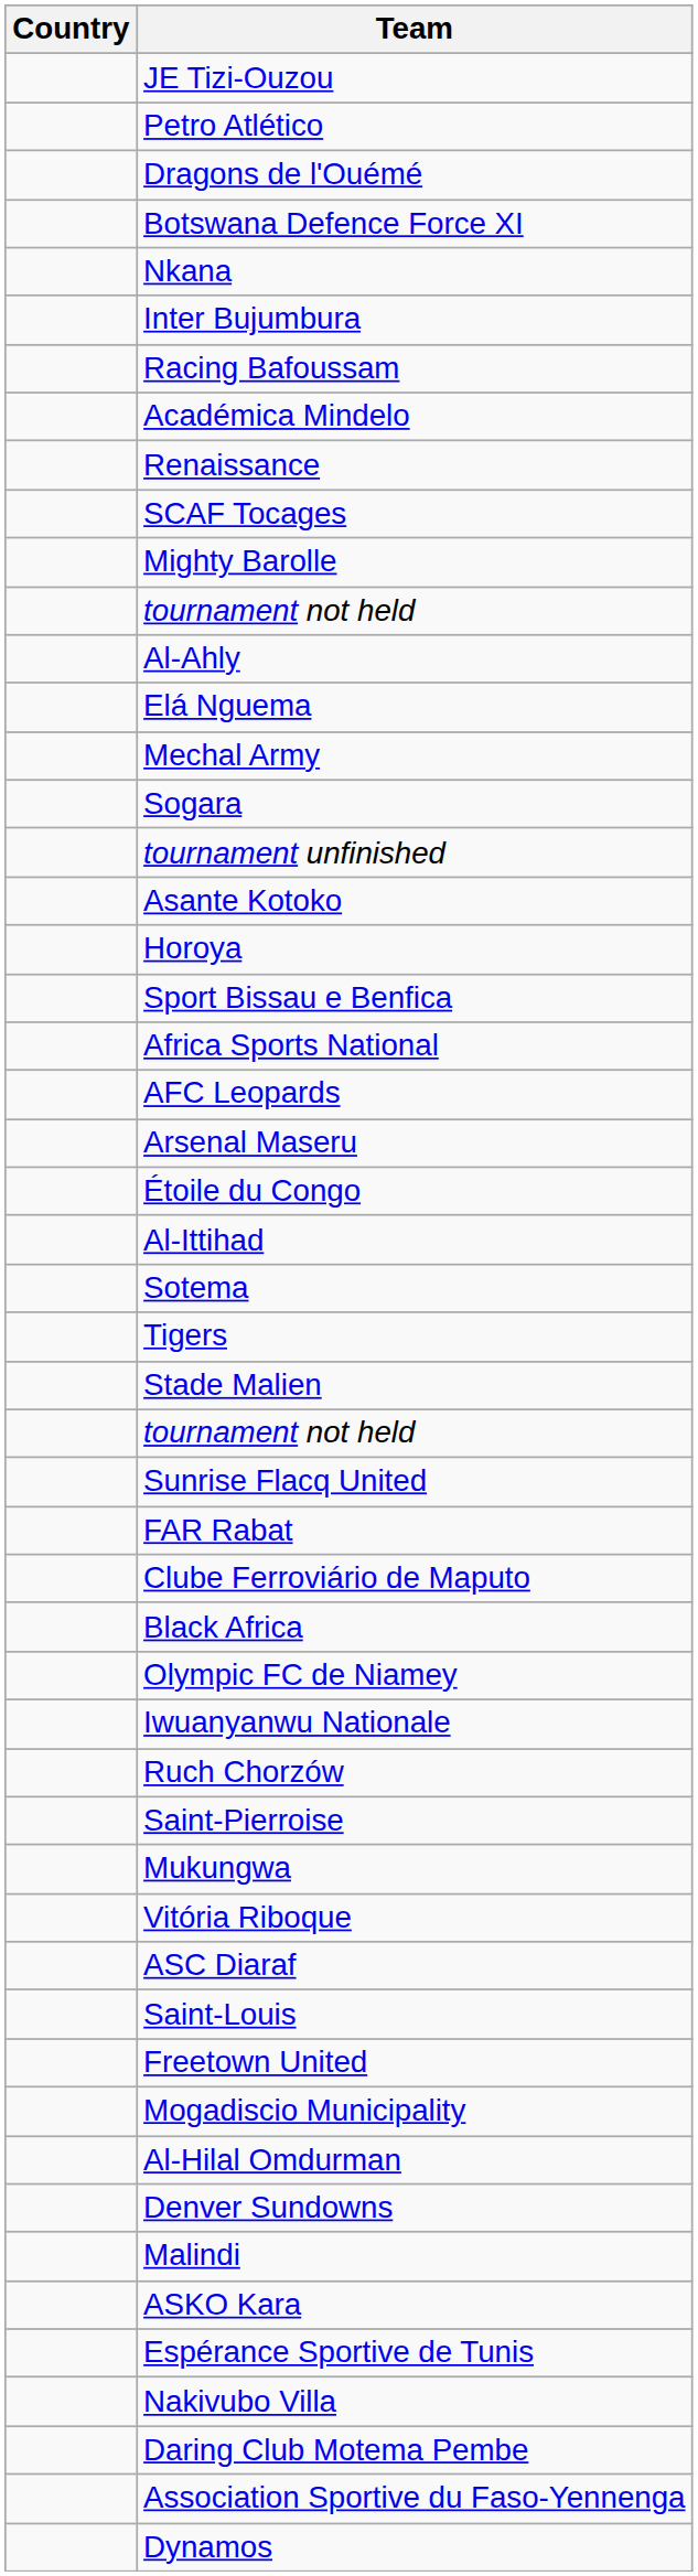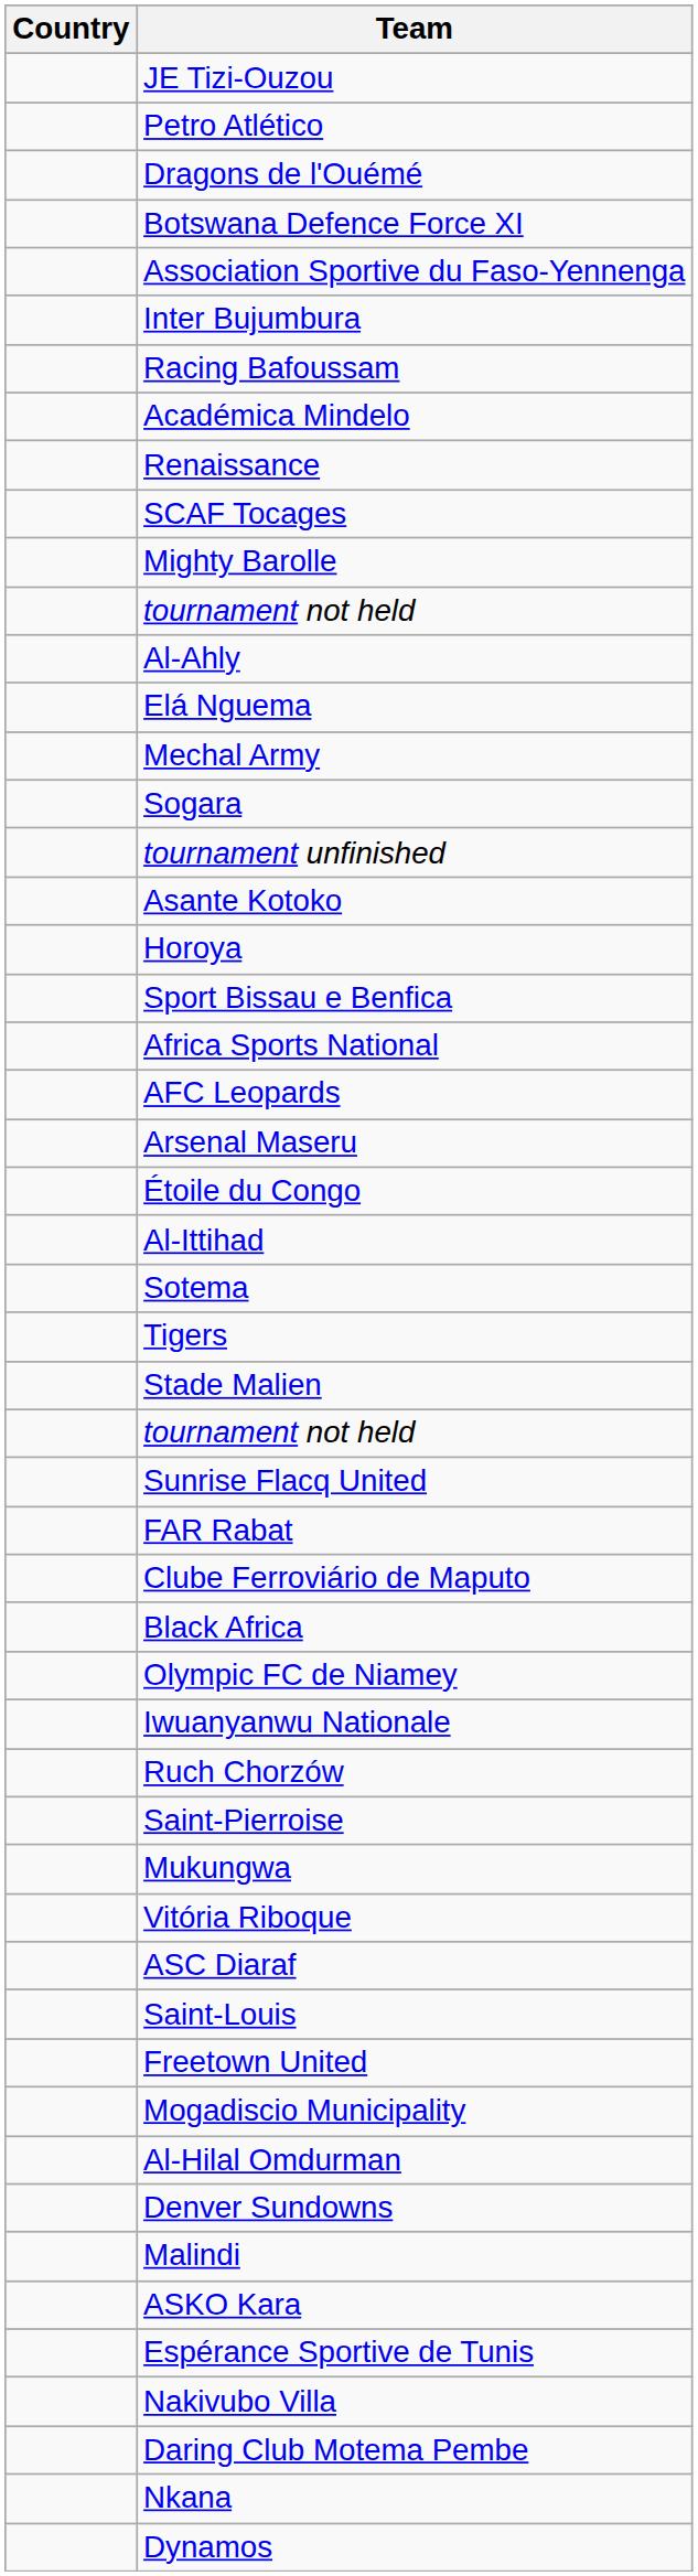 <table class="wikitable">
 <tr>
 <th>Country</th>
 <th>Team</th>
 </tr>
 <tr>
 <td></td>
 <td><a href='#'>JE Tizi-Ouzou</a></td>
 </tr>
 <tr>
 <td></td>
 <td><a href='#'>Petro Atlético</a></td>
 </tr>
 <tr>
 <td></td>
 <td><a href='#'>Dragons de l'Ouémé</a></td>
 </tr>
 <tr>
 <td></td>
 <td><a href='#'>Botswana Defence Force XI</a></td>
 </tr>
 <tr>
 <td></td>
-<td><a href='#'>Nkana</a></td>
+<td><a href='#'>Association Sportive du Faso-Yennenga</a></td>
 </tr>
 <tr>
 <td></td>
 <td><a href='#'>Inter Bujumbura</a></td>
 </tr>
 <tr>
 <td></td>
 <td><a href='#'>Racing Bafoussam</a></td>
 </tr>
 <tr>
 <td></td>
 <td><a href='#'>Académica Mindelo</a></td>
 </tr>
 <tr>
 <td></td>
 <td><a href='#'>Renaissance</a></td>
 </tr>
 <tr>
 <td></td>
 <td><a href='#'>SCAF Tocages</a></td>
 </tr>
 <tr>
 <td></td>
 <td><a href='#'>Mighty Barolle</a></td>
 </tr>
 <tr>
 <td></td>
 <td><em><a href='#'>tournament</a> not held</em></td>
 </tr>
 <tr>
 <td></td>
 <td><a href='#'>Al-Ahly</a></td>
 </tr>
 <tr>
 <td></td>
 <td><a href='#'>Elá Nguema</a></td>
 </tr>
 <tr>
 <td></td>
 <td><a href='#'>Mechal Army</a></td>
 </tr>
 <tr>
 <td></td>
 <td><a href='#'>Sogara</a></td>
 </tr>
 <tr>
 <td></td>
 <td><em><a href='#'>tournament</a> unfinished</em></td>
 </tr>
 <tr>
 <td></td>
 <td><a href='#'>Asante Kotoko</a></td>
 </tr>
 <tr>
 <td></td>
 <td><a href='#'>Horoya</a></td>
 </tr>
 <tr>
 <td></td>
 <td><a href='#'>Sport Bissau e Benfica</a></td>
 </tr>
 <tr>
 <td></td>
 <td><a href='#'>Africa Sports National</a></td>
 </tr>
 <tr>
 <td></td>
 <td><a href='#'>AFC Leopards</a></td>
 </tr>
 <tr>
 <td></td>
 <td><a href='#'>Arsenal Maseru</a></td>
 </tr>
 <tr>
 <td></td>
 <td><a href='#'>Étoile du Congo</a></td>
 </tr>
 <tr>
 <td></td>
 <td><a href='#'>Al-Ittihad</a></td>
 </tr>
 <tr>
 <td></td>
 <td><a href='#'>Sotema</a></td>
 </tr>
 <tr>
 <td></td>
 <td><a href='#'>Tigers</a></td>
 </tr>
 <tr>
 <td></td>
 <td><a href='#'>Stade Malien</a></td>
 </tr>
 <tr>
 <td></td>
 <td><em><a href='#'>tournament</a> not held</em></td>
 </tr>
 <tr>
 <td></td>
 <td><a href='#'>Sunrise Flacq United</a></td>
 </tr>
 <tr>
 <td></td>
 <td><a href='#'>FAR Rabat</a></td>
 </tr>
 <tr>
 <td></td>
 <td><a href='#'>Clube Ferroviário de Maputo</a></td>
 </tr>
 <tr>
 <td></td>
 <td><a href='#'>Black Africa</a></td>
 </tr>
 <tr>
 <td></td>
 <td><a href='#'>Olympic FC de Niamey</a></td>
 </tr>
 <tr>
 <td></td>
 <td><a href='#'>Iwuanyanwu Nationale</a></td>
 </tr>
 <tr>
 <td></td>
 <td><a href='#'>Ruch Chorzów</a></td>
 </tr>
 <tr>
 <td></td>
 <td><a href='#'>Saint-Pierroise</a></td>
 </tr>
 <tr>
 <td></td>
 <td><a href='#'>Mukungwa</a></td>
 </tr>
 <tr>
 <td></td>
 <td><a href='#'>Vitória Riboque</a></td>
 </tr>
 <tr>
 <td></td>
 <td><a href='#'>ASC Diaraf</a></td>
 </tr>
 <tr>
 <td></td>
 <td><a href='#'>Saint-Louis</a></td>
 </tr>
 <tr>
 <td></td>
 <td><a href='#'>Freetown United</a></td>
 </tr>
 <tr>
 <td></td>
 <td><a href='#'>Mogadiscio Municipality</a></td>
 </tr>
 <tr>
 <td></td>
 <td><a href='#'>Al-Hilal Omdurman</a></td>
 </tr>
 <tr>
 <td></td>
 <td><a href='#'>Denver Sundowns</a></td>
 </tr>
 <tr>
 <td></td>
 <td><a href='#'>Malindi</a></td>
 </tr>
 <tr>
 <td></td>
 <td><a href='#'>ASKO Kara</a></td>
 </tr>
 <tr>
 <td></td>
 <td><a href='#'>Espérance Sportive de Tunis</a></td>
 </tr>
 <tr>
 <td></td>
 <td><a href='#'>Nakivubo Villa</a></td>
 </tr>
 <tr>
 <td></td>
 <td><a href='#'>Daring Club Motema Pembe</a></td>
 </tr>
 <tr>
 <td></td>
-<td><a href='#'>Association Sportive du Faso-Yennenga</a></td>
+<td><a href='#'>Nkana</a></td>
 </tr>
 <tr>
 <td></td>
 <td><a href='#'>Dynamos</a></td>
 </tr>
 </table>
